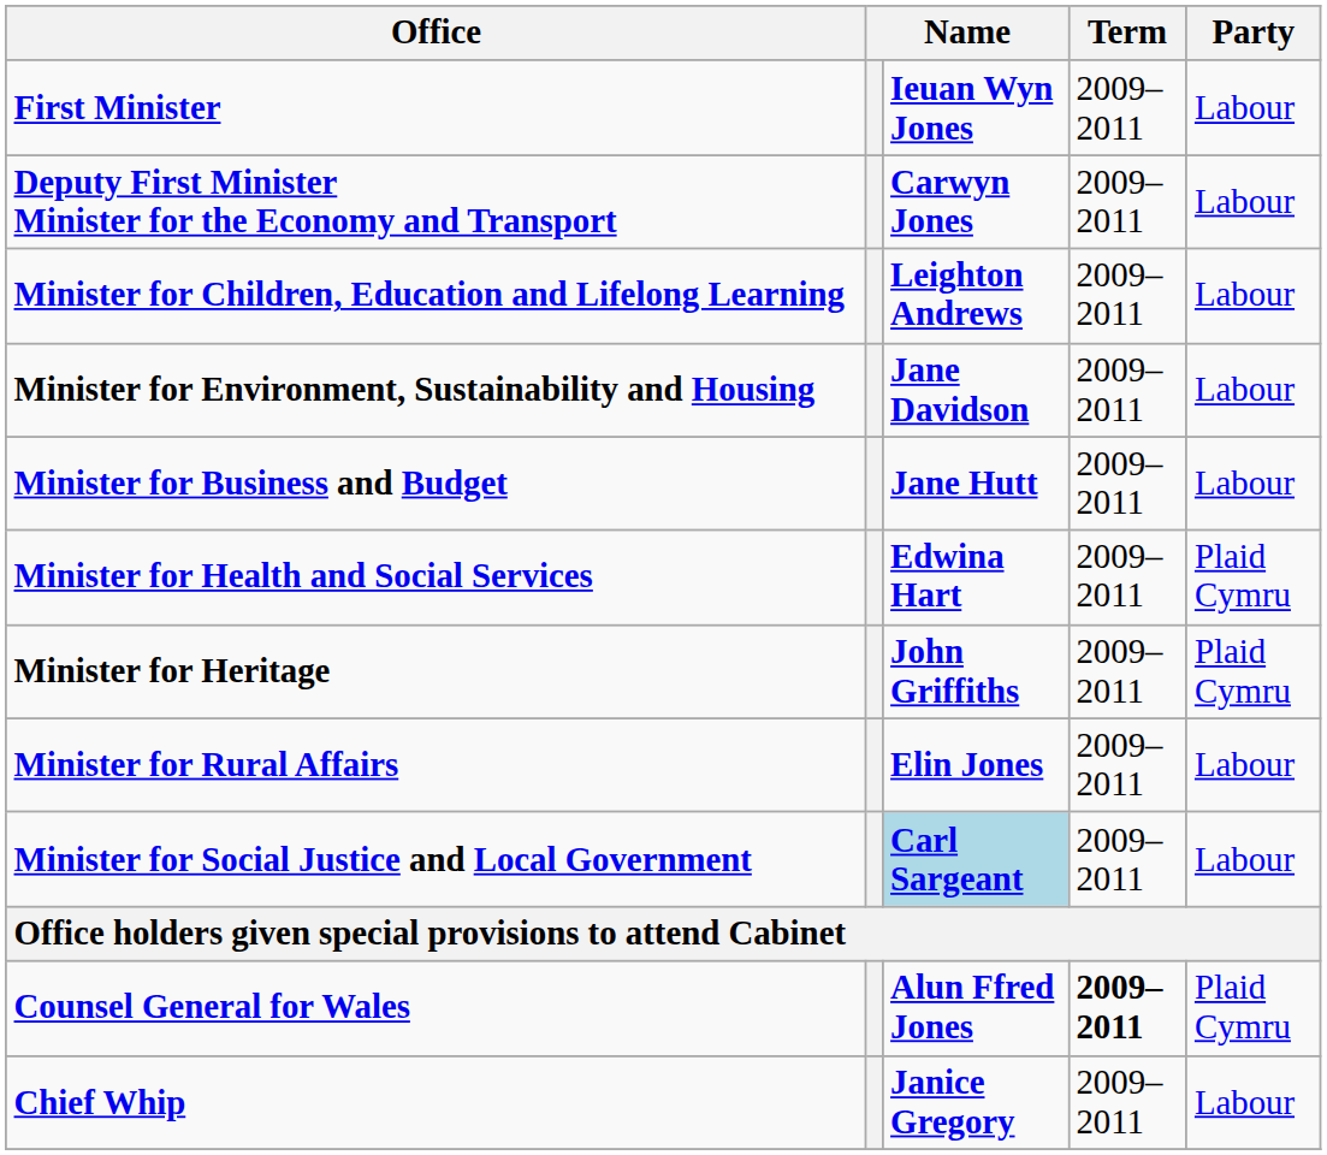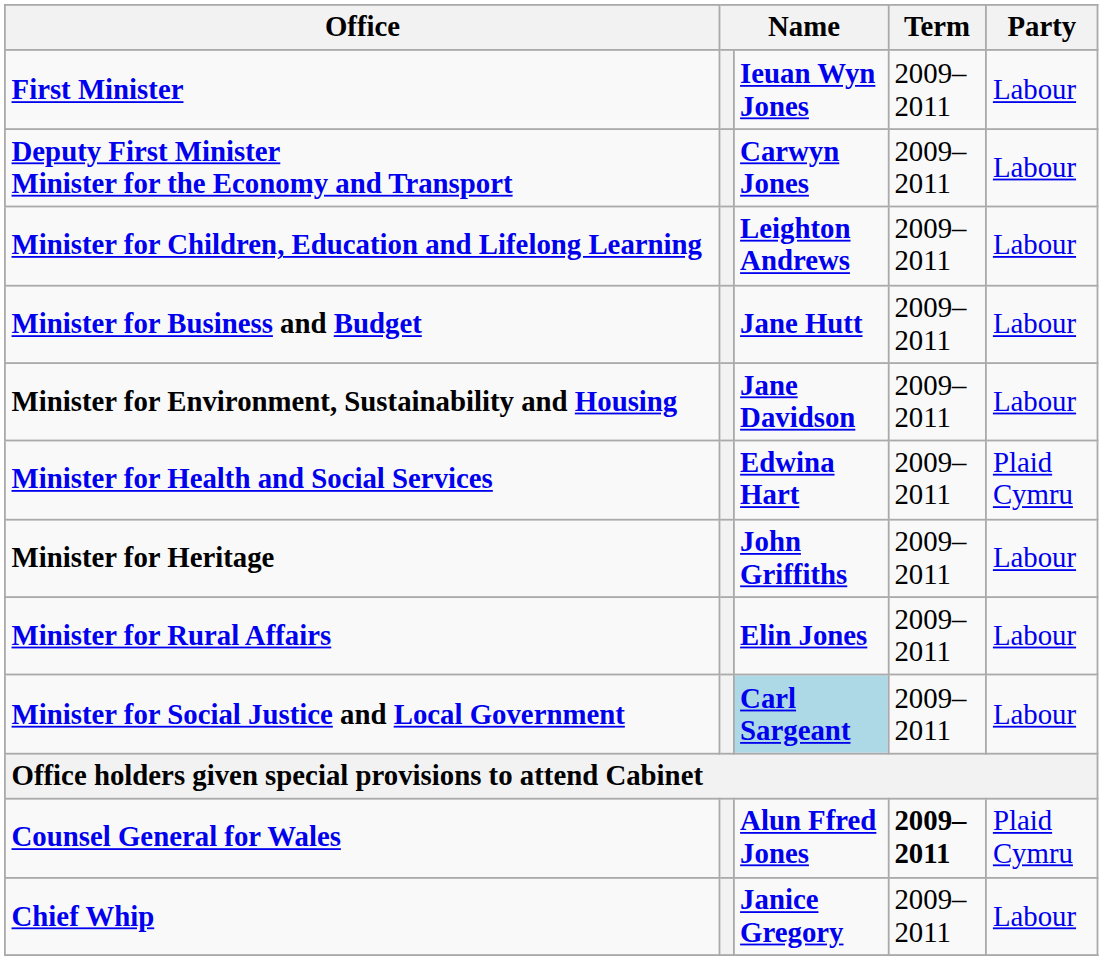 <table class="wikitable">
 <tr>
 <th style="width: 390px">Office</th>
 <th colspan="2">Name</th>
 <th>Term</th>
 <th>Party</th>
 </tr>
 <tr>
 <td><strong><a href='#'>First Minister</a></strong></td>
 <th style="background-color: "></th>
 <td><strong><a href='#'>Ieuan Wyn Jones</a></strong></td>
 <td>2009–2011</td>
 <td><a href='#'>Labour</a></td>
 </tr>
 <tr>
 <td><strong><a href='#'>Deputy First Minister</a></strong><br><strong><a href='#'>Minister for the Economy and Transport</a></strong></td>
 <th style="background-color: "></th>
 <td><strong><a href='#'>Carwyn Jones</a></strong></td>
 <td>2009–2011</td>
 <td><a href='#'>Labour</a></td>
 </tr>
 <tr>
 <td><strong><a href='#'>Minister for Children, Education and Lifelong Learning</a></strong></td>
 <th style="background-color: "></th>
 <td><strong><a href='#'>Leighton Andrews</a></strong></td>
 <td>2009–2011</td>
 <td><a href='#'>Labour</a></td>
 </tr>
 <tr>
-<td><strong>Minister for Environment, Sustainability and <a href='#'>Housing</a></strong></td>
+<td><strong><a href='#'>Minister for Business</a> and <a href='#'>Budget</a></strong></td>
 <th style="background-color: "></th>
-<td><strong><a href='#'>Jane Davidson</a></strong></td>
+<td><strong><a href='#'>Jane Hutt</a></strong></td>
 <td>2009–2011</td>
 <td><a href='#'>Labour</a></td>
 </tr>
 <tr>
-<td><strong><a href='#'>Minister for Business</a> and <a href='#'>Budget</a></strong></td>
+<td><strong>Minister for Environment, Sustainability and <a href='#'>Housing</a></strong></td>
 <th style="background-color: "></th>
-<td><strong><a href='#'>Jane Hutt</a></strong></td>
+<td><strong><a href='#'>Jane Davidson</a></strong></td>
 <td>2009–2011</td>
 <td><a href='#'>Labour</a></td>
 </tr>
 <tr>
 <td><strong><a href='#'>Minister for Health and Social Services</a></strong></td>
 <th style="background-color: "></th>
 <td><strong><a href='#'>Edwina Hart</a></strong></td>
 <td>2009–2011</td>
 <td><a href='#'>Plaid Cymru</a></td>
 </tr>
 <tr>
 <td><strong>Minister for Heritage</strong></td>
 <th style="background-color: "></th>
 <td><strong><a href='#'>John Griffiths</a></strong></td>
 <td>2009–2011</td>
-<td><a href='#'>Plaid Cymru</a></td>
+<td><a href='#'>Labour</a></td>
 </tr>
 <tr>
 <td><strong><a href='#'>Minister for Rural Affairs</a></strong></td>
 <th style="background-color: "></th>
 <td><strong><a href='#'>Elin Jones</a></strong></td>
 <td>2009–2011</td>
 <td><a href='#'>Labour</a></td>
 </tr>
 <tr>
 <td><strong><a href='#'>Minister for Social Justice</a> and <a href='#'>Local Government</a></strong></td>
 <th style="background-color: "></th>
 <td style="background: lightblue;"><strong><a href='#'>Carl Sargeant</a></strong></td>
 <td>2009–2011</td>
 <td><a href='#'>Labour</a></td>
 </tr>
 <tr>
 <th colspan=5 style="text-align:left">Office holders given special provisions to attend Cabinet</th>
 </tr>
 <tr>
 <td><strong><a href='#'>Counsel General for Wales</a></strong></td>
 <th style="background-color: "></th>
 <td><strong><a href='#'>Alun Ffred Jones</a></strong></td>
 <td><strong>2009–2011</strong></td>
 <td><a href='#'>Plaid Cymru</a></td>
 </tr>
 <tr>
 <td><strong><a href='#'>Chief Whip</a></strong></td>
 <th style="background-color: "></th>
 <td><strong><a href='#'>Janice Gregory</a></strong></td>
 <td>2009–2011</td>
 <td><a href='#'>Labour</a></td>
 </tr>
 <tr>
 </tr>
 </table>
